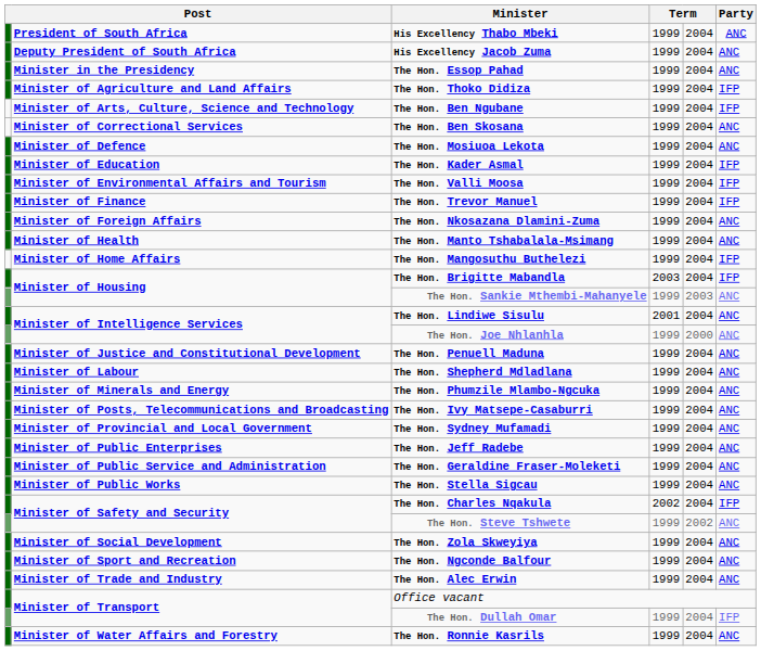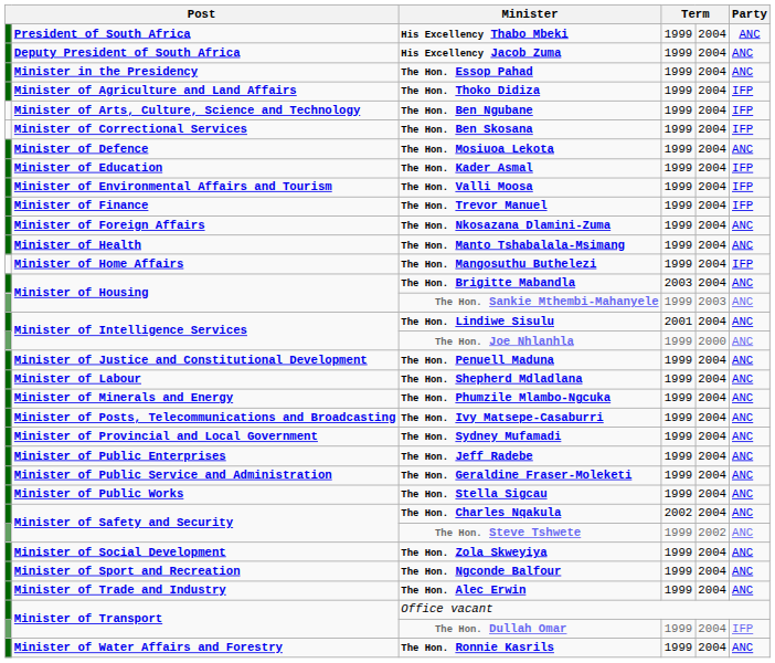 <table class="wikitable">
 <tr>
 <th colspan="2">Post</th>
 <th>Minister</th>
 <th colspan="2">Term</th>
 <th>Party</th>
 </tr>
 <tr>
 <td style="width:1px;; background:#006600;"></td>
 <td><strong><a href='#'>President of South Africa</a></strong></td>
 <td><strong><small>His Excellency</small></strong> <strong><a href='#'>Thabo Mbeki</a></strong></td>
 <td>1999</td>
 <td align="center">2004</td>
 <td align="center"><a href='#'>ANC</a></td>
 </tr>
 <tr>
 <td style="width:1px;; background:#006600;"></td>
 <td><strong><a href='#'>Deputy President of South Africa</a></strong></td>
 <td><strong><small>His Excellency</small></strong> <strong><a href='#'>Jacob Zuma</a></strong></td>
 <td>1999</td>
 <td>2004</td>
 <td><a href='#'>ANC</a></td>
 </tr>
 <tr>
 <td style="width:1px;; background:#006600;"></td>
 <td><strong><a href='#'>Minister in the Presidency</a></strong></td>
 <td><strong><small>The Hon.</small></strong> <strong><a href='#'>Essop Pahad</a></strong></td>
 <td>1999</td>
 <td>2004</td>
 <td><a href='#'>ANC</a></td>
 </tr>
 <tr>
 <td style="width:1px;; background:#006600;"></td>
 <td><a href='#'><strong>Minister of Agriculture and Land Affairs</strong></a></td>
 <td><strong><small>The Hon.</small></strong> <strong><a href='#'>Thoko Didiza</a></strong></td>
 <td>1999</td>
 <td>2004</td>
 <td><a href='#'>IFP</a></td>
 </tr>
 <tr>
 <td style="background-color: "></td>
 <td><a href='#'><strong>Minister of Arts, Culture, Science and Technology</strong></a></td>
 <td><strong><small>The Hon.</small></strong> <strong><a href='#'>Ben Ngubane</a></strong></td>
 <td>1999</td>
 <td>2004</td>
 <td><a href='#'>IFP</a></td>
 </tr>
 <tr>
 <td style="background-color: "></td>
 <td><a href='#'><strong>Minister of Correctional Services</strong></a></td>
 <td><strong><small>The Hon.</small></strong> <strong><a href='#'>Ben Skosana</a></strong></td>
 <td>1999</td>
 <td>2004</td>
-<td><a href='#'>ANC</a></td>
+<td><a href='#'>IFP</a></td>
 </tr>
 <tr>
 <td style="width:1px;; background:#006600;"></td>
 <td><a href='#'><strong>Minister of Defence</strong></a></td>
 <td><strong><small>The Hon.</small></strong> <strong><a href='#'>Mosiuoa Lekota</a></strong></td>
 <td>1999</td>
 <td>2004</td>
 <td><a href='#'>ANC</a></td>
 </tr>
 <tr>
 <td style="width:1px;; background:#006600;"></td>
 <td><a href='#'><strong>Minister of Education</strong></a></td>
 <td><strong><small>The Hon.</small></strong> <strong><a href='#'>Kader Asmal</a></strong></td>
 <td>1999</td>
 <td>2004</td>
 <td><a href='#'>IFP</a></td>
 </tr>
 <tr>
 <td style="width:1px;; background:#006600;"></td>
 <td><strong><a href='#'>Minister of Environmental Affairs and Tourism</a></strong></td>
 <td><strong><small>The Hon.</small></strong> <strong><a href='#'>Valli Moosa</a></strong></td>
 <td>1999</td>
 <td>2004</td>
 <td><a href='#'>IFP</a></td>
 </tr>
 <tr>
 <td style="width:1px;; background:#006600;"></td>
 <td><a href='#'><strong>Minister of Finance</strong></a></td>
 <td><strong><small>The Hon.</small></strong> <strong><a href='#'>Trevor Manuel</a></strong></td>
 <td>1999</td>
 <td>2004</td>
 <td><a href='#'>IFP</a></td>
 </tr>
 <tr>
 <td style="width:1px;; background:#006600;"></td>
 <td><a href='#'><strong>Minister of Foreign Affairs</strong></a></td>
 <td><strong><small>The Hon.</small></strong> <strong><a href='#'>Nkosazana Dlamini-Zuma</a></strong></td>
 <td>1999</td>
 <td>2004</td>
 <td><a href='#'>ANC</a></td>
 </tr>
 <tr>
 <td style="width:1px;; background:#006600;"></td>
 <td><a href='#'><strong>Minister of Health</strong></a></td>
 <td><strong><small>The Hon.</small></strong> <strong><a href='#'>Manto Tshabalala-Msimang</a></strong></td>
 <td>1999</td>
 <td>2004</td>
 <td><a href='#'>ANC</a></td>
 </tr>
 <tr>
 <td style="background-color: "></td>
 <td><a href='#'><strong>Minister of Home Affairs</strong></a></td>
 <td><strong><small>The Hon.</small></strong> <strong><a href='#'>Mangosuthu Buthelezi</a></strong></td>
 <td>1999</td>
 <td>2004</td>
 <td><a href='#'>IFP</a></td>
 </tr>
 <tr>
 <td style="width:1px;; background:#006600;"></td>
 <td rowspan="2"><a href='#'><strong>Minister of Housing</strong></a></td>
 <td><strong><small>The Hon.</small></strong> <strong><a href='#'>Brigitte Mabandla</a></strong></td>
 <td>2003</td>
 <td>2004</td>
-<td><a href='#'>IFP</a></td>
+<td><a href='#'>ANC</a></td>
 </tr>
 <tr style="opacity:.6;">
 <td style="width:1px;; background:#006600;"></td>
 <td style="padding-left:40px"><strong><small>The Hon.</small> <a href='#'>Sankie Mthembi-Mahanyele</a></strong></td>
 <td>1999</td>
 <td>2003</td>
 <td><a href='#'>ANC</a></td>
 </tr>
 <tr>
 <td style="width:1px;; background:#006600;"></td>
 <td rowspan="2"><a href='#'><strong>Minister of Intelligence Services</strong></a></td>
 <td><strong><small>The Hon.</small></strong> <strong><a href='#'>Lindiwe Sisulu</a></strong></td>
 <td>2001</td>
 <td>2004</td>
 <td><a href='#'>ANC</a></td>
 </tr>
 <tr style="opacity:.6;">
 <td style="width:1px;; background:#006600;"></td>
 <td style="padding-left:40px"><strong><small>The Hon.</small> <a href='#'>Joe Nhlanhla</a></strong></td>
 <td>1999</td>
 <td>2000</td>
 <td><a href='#'>ANC</a></td>
 </tr>
 <tr>
 <td style="width:1px;; background:#006600;"></td>
 <td><strong><a href='#'>Minister of Justice and Constitutional Development</a></strong></td>
 <td><strong><small>The Hon.</small></strong> <strong><a href='#'>Penuell Maduna</a></strong></td>
 <td>1999</td>
 <td>2004</td>
 <td><a href='#'>ANC</a></td>
 </tr>
 <tr>
 <td style="width:1px;; background:#006600;"></td>
 <td><a href='#'><strong>Minister of Labour</strong></a></td>
 <td><strong><small>The Hon.</small></strong> <strong><a href='#'>Shepherd Mdladlana</a></strong></td>
 <td>1999</td>
 <td>2004</td>
 <td><a href='#'>ANC</a></td>
 </tr>
 <tr>
 <td style="width:1px;; background:#006600;"></td>
 <td><strong><a href='#'>Minister of Minerals and Energy</a></strong></td>
 <td><strong><small>The Hon.</small></strong> <strong><a href='#'>Phumzile Mlambo-Ngcuka</a></strong></td>
 <td>1999</td>
 <td>2004</td>
 <td><a href='#'>ANC</a></td>
 </tr>
 <tr>
 <td style="width:1px;; background:#006600;"></td>
 <td><strong><a href='#'>Minister of Posts, Telecommunications and Broadcasting</a></strong></td>
 <td><strong><small>The Hon.</small></strong> <strong><a href='#'>Ivy Matsepe-Casaburri</a></strong></td>
 <td>1999</td>
 <td>2004</td>
 <td><a href='#'>ANC</a></td>
 </tr>
 <tr>
 <td style="width:1px;; background:#006600;"></td>
 <td><strong><a href='#'>Minister of Provincial and Local Government</a></strong></td>
 <td><strong><small>The Hon.</small></strong> <strong><a href='#'>Sydney Mufamadi</a></strong></td>
 <td>1999</td>
 <td>2004</td>
 <td><a href='#'>ANC</a></td>
 </tr>
 <tr>
 <td style="width:1px;; background:#006600;"></td>
 <td><strong><a href='#'>Minister of Public Enterprises</a></strong></td>
 <td><strong><small>The Hon.</small></strong> <strong><a href='#'>Jeff Radebe</a></strong></td>
 <td>1999</td>
 <td>2004</td>
 <td><a href='#'>ANC</a></td>
 </tr>
 <tr>
 <td style="width:1px;; background:#006600;"></td>
 <td><strong><a href='#'>Minister of Public Service and Administration</a></strong></td>
 <td><strong><small>The Hon.</small></strong> <strong><a href='#'>Geraldine Fraser-Moleketi</a></strong></td>
 <td>1999</td>
 <td>2004</td>
 <td><a href='#'>ANC</a></td>
 </tr>
 <tr>
 <td style="width:1px;; background:#006600;"></td>
 <td><a href='#'><strong>Minister of Public Works</strong></a></td>
 <td><strong><small>The Hon.</small></strong> <strong><a href='#'>Stella Sigcau</a></strong></td>
 <td>1999</td>
 <td>2004</td>
 <td><a href='#'>ANC</a></td>
 </tr>
 <tr>
 <td style="width:1px;; background:#006600;"></td>
 <td rowspan="2"><a href='#'><strong>Minister of Safety and Security</strong></a></td>
 <td><strong><small>The Hon.</small></strong> <strong><a href='#'>Charles Nqakula</a></strong></td>
 <td>2002</td>
 <td>2004</td>
-<td><a href='#'>IFP</a></td>
+<td><a href='#'>ANC</a></td>
 </tr>
 <tr style="opacity:.6;">
 <td style="width:1px;; background:#006600;"></td>
 <td style="padding-left:40px"><strong><small>The Hon.</small> <a href='#'>Steve Tshwete</a></strong></td>
 <td>1999</td>
 <td>2002</td>
 <td><a href='#'>ANC</a></td>
 </tr>
 <tr>
 <td style="width:1px;; background:#006600;"></td>
 <td><a href='#'><strong>Minister of Social Development</strong></a></td>
 <td><strong><small>The Hon.</small></strong> <strong><a href='#'>Zola Skweyiya</a></strong></td>
 <td>1999</td>
 <td>2004</td>
 <td><a href='#'>ANC</a></td>
 </tr>
 <tr>
 <td style="width:1px;; background:#006600;"></td>
 <td><strong><a href='#'>Minister of Sport and Recreation</a></strong></td>
 <td><strong><small>The Hon.</small></strong> <strong><a href='#'>Ngconde Balfour</a></strong></td>
 <td>1999</td>
 <td>2004</td>
 <td><a href='#'>ANC</a></td>
 </tr>
 <tr>
 <td style="width:1px;; background:#006600;"></td>
 <td><a href='#'><strong>Minister of Trade and Industry</strong></a></td>
 <td><strong><small>The Hon.</small></strong> <strong><a href='#'>Alec Erwin</a></strong></td>
 <td>1999</td>
 <td>2004</td>
 <td><a href='#'>ANC</a></td>
 </tr>
 <tr>
 <td style="width:1px;; background:#006600;"></td>
 <td rowspan="2"><a href='#'><strong>Minister of Transport</strong></a></td>
 <td colspan="4"><em>Office vacant</em></td>
 </tr>
 <tr style="opacity:.6;">
 <td style="width:1px;; background:#006600;"></td>
 <td style="padding-left:40px"><strong><small>The Hon.</small> <a href='#'>Dullah Omar</a></strong></td>
 <td>1999</td>
 <td>2004</td>
 <td><a href='#'>IFP</a></td>
 </tr>
 <tr>
 <td style="width:1px;; background:#006600;"></td>
 <td><strong><a href='#'>Minister of Water Affairs and Forestry</a></strong></td>
 <td><strong><small>The Hon.</small></strong> <strong><a href='#'>Ronnie Kasrils</a></strong></td>
 <td>1999</td>
 <td>2004</td>
 <td><a href='#'>ANC</a></td>
 </tr>
 </table>
